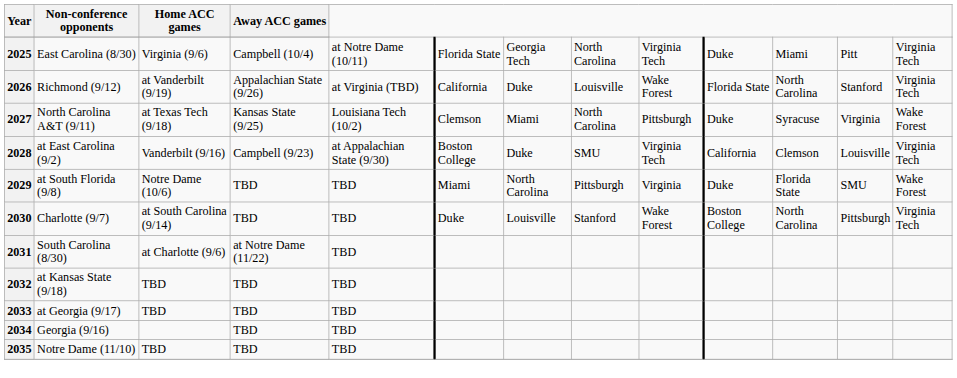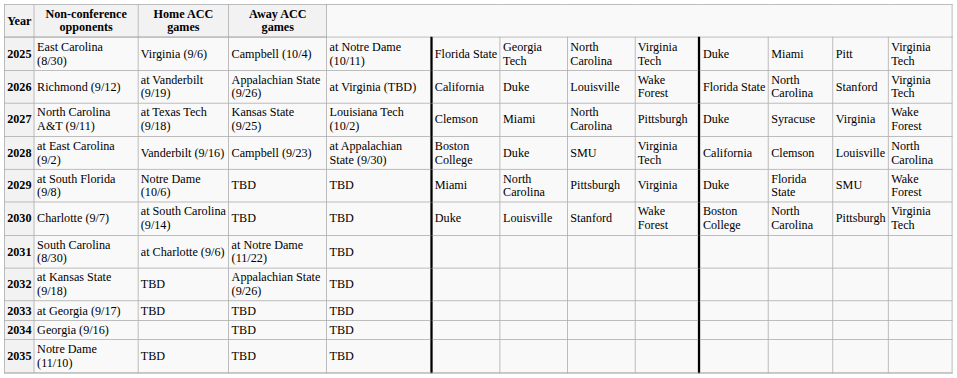 <table class="wikitable">
 <tr>
 <th style="background:#">Year</th>
 <th style="background:#">Non-conference opponents</th>
 <th style="background:#">Home ACC games</th>
 <th style="background:#">Away ACC games</th>
 </tr>
 <tr>
 </tr>
 <tr>
 <th style="background:#">2025</th>
 <td>East Carolina (8/30)</td>
 <td>Virginia (9/6)</td>
 <td>Campbell (10/4)</td>
 <td>at Notre Dame (10/11)</td>
 <td style="border-left: solid;">Florida State</td>
 <td>Georgia Tech</td>
 <td>North Carolina</td>
 <td>Virginia Tech</td>
 <td style="border-left: solid;">Duke</td>
 <td>Miami</td>
 <td>Pitt</td>
 <td>Virginia Tech</td>
 </tr>
 <tr>
 <th style="background:#">2026</th>
 <td>Richmond (9/12)</td>
 <td>at Vanderbilt (9/19)</td>
 <td>Appalachian State (9/26)</td>
 <td>at Virginia (TBD)</td>
 <td style="border-left: solid;">California</td>
 <td>Duke</td>
 <td>Louisville</td>
 <td>Wake Forest</td>
 <td style="border-left: solid;">Florida State</td>
 <td>North Carolina</td>
 <td>Stanford</td>
 <td>Virginia Tech</td>
 </tr>
 <tr>
 <th style="background:#">2027</th>
 <td>North Carolina A&T (9/11)</td>
 <td>at Texas Tech (9/18)</td>
 <td>Kansas State (9/25)</td>
 <td>Louisiana Tech (10/2)</td>
 <td style="border-left: solid;">Clemson</td>
 <td>Miami</td>
 <td>North Carolina</td>
 <td>Pittsburgh</td>
 <td style="border-left: solid;">Duke</td>
 <td>Syracuse</td>
 <td>Virginia</td>
 <td>Wake Forest</td>
 </tr>
 <tr>
 <th style="background:#">2028</th>
 <td>at East Carolina (9/2)</td>
 <td>Vanderbilt (9/16)</td>
 <td>Campbell (9/23)</td>
 <td>at Appalachian State (9/30)</td>
 <td style="border-left: solid;">Boston College</td>
 <td>Duke</td>
 <td>SMU</td>
 <td>Virginia Tech</td>
 <td style="border-left: solid;">California</td>
 <td>Clemson</td>
 <td>Louisville</td>
-<td>Virginia Tech</td>
+<td>North Carolina</td>
 </tr>
 <tr>
 <th style="background:#">2029</th>
 <td>at South Florida (9/8)</td>
 <td>Notre Dame (10/6)</td>
 <td>TBD</td>
 <td>TBD</td>
 <td style="border-left: solid;">Miami</td>
 <td>North Carolina</td>
 <td>Pittsburgh</td>
 <td>Virginia</td>
 <td style="border-left: solid;">Duke</td>
 <td>Florida State</td>
 <td>SMU</td>
 <td>Wake Forest</td>
 </tr>
 <tr>
 <th style="background:#">2030</th>
 <td>Charlotte (9/7)</td>
 <td>at South Carolina (9/14)</td>
 <td>TBD</td>
 <td>TBD</td>
 <td style="border-left: solid;">Duke</td>
 <td>Louisville</td>
 <td>Stanford</td>
 <td>Wake Forest</td>
 <td style="border-left: solid;">Boston College</td>
 <td>North Carolina</td>
 <td>Pittsburgh</td>
 <td>Virginia Tech</td>
 </tr>
 <tr>
 <th style="background:#">2031</th>
 <td>South Carolina (8/30)</td>
 <td>at Charlotte (9/6)</td>
 <td>at Notre Dame (11/22)</td>
 <td>TBD</td>
 <td style="border-left: solid;"></td>
 <td></td>
 <td></td>
 <td></td>
 <td style="border-left: solid;"></td>
 <td></td>
 <td></td>
 <td></td>
 </tr>
 <tr>
 <th style="background:#">2032</th>
 <td>at Kansas State (9/18)</td>
 <td>TBD</td>
-<td>TBD</td>
+<td>Appalachian State (9/26)</td>
 <td>TBD</td>
 <td style="border-left: solid;"></td>
 <td></td>
 <td></td>
 <td></td>
 <td style="border-left: solid;"></td>
 <td></td>
 <td></td>
 <td></td>
 </tr>
 <tr>
 <th style="background:#">2033</th>
 <td>at Georgia (9/17)</td>
 <td>TBD</td>
 <td>TBD</td>
 <td>TBD</td>
 <td style="border-left: solid;"></td>
 <td></td>
 <td></td>
 <td></td>
 <td style="border-left: solid;"></td>
 <td></td>
 <td></td>
 <td></td>
 </tr>
 <tr>
 <th style="background:#">2034</th>
 <td>Georgia (9/16)</td>
 <td></td>
 <td>TBD</td>
 <td>TBD</td>
 <td style="border-left: solid;"></td>
 <td></td>
 <td></td>
 <td></td>
 <td style="border-left: solid;"></td>
 <td></td>
 <td></td>
 <td></td>
 </tr>
 <tr>
 <th style="background:#">2035</th>
 <td>Notre Dame (11/10)</td>
 <td>TBD</td>
 <td>TBD</td>
 <td>TBD</td>
 <td style="border-left: solid;"></td>
 <td></td>
 <td></td>
 <td></td>
 <td style="border-left: solid;"></td>
 <td></td>
 <td></td>
 <td></td>
 </tr>
 <tr>
 </tr>
 </table>
